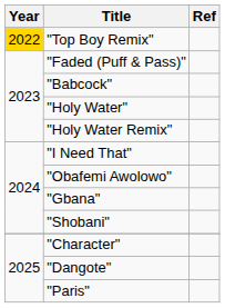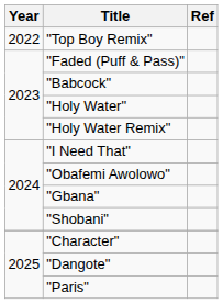 <table class="wikitable">
 <tr>
 <th>Year</th>
 <th>Title</th>
 <th>Ref</th>
 </tr>
 <tr>
-<td style="background: gold;">2022</td>
+<td>2022</td>
 <td>"Top Boy Remix" </td>
 <td></td>
 </tr>
 <tr>
 <td rowspan=4>2023</td>
 <td>"Faded (Puff & Pass)"</td>
 <td></td>
 </tr>
 <tr>
 <td>"Babcock" </td>
 <td></td>
 </tr>
 <tr>
 <td>"Holy Water"</td>
 <td></td>
 </tr>
 <tr>
 <td>"Holy Water Remix" </td>
 <td></td>
 </tr>
 <tr>
 <td rowspan=4>2024</td>
 <td>"I Need That"</td>
 <td></td>
 </tr>
 <tr>
 <td>"Obafemi Awolowo"</td>
 <td></td>
 </tr>
 <tr>
 <td>"Gbana"</td>
 <td></td>
 </tr>
 <tr>
 <td>"Shobani"</td>
 <td></td>
 </tr>
 <tr>
 </tr>
 <tr>
 <td rowspan=4>2025</td>
 <td>"Character"</td>
 <td></td>
 </tr>
 <tr>
 <td>"Dangote" </td>
 <td></td>
 </tr>
 <tr>
 <td>"Paris"</td>
 <td></td>
 </tr>
 </table>
